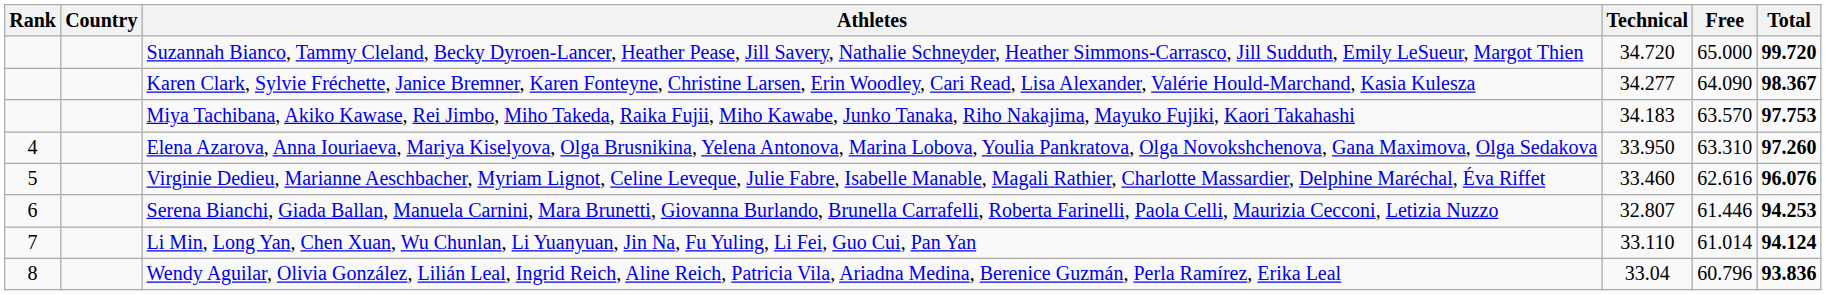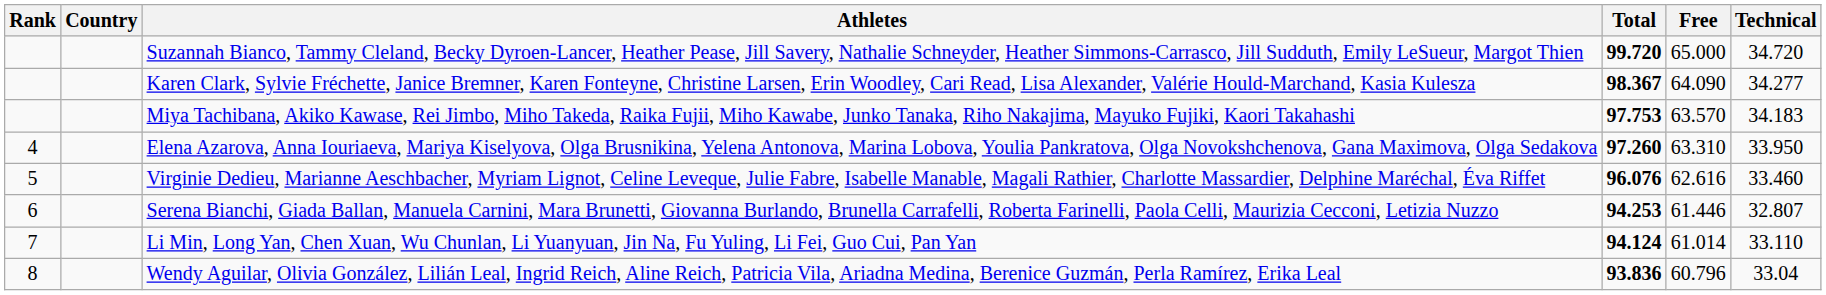 <table class="wikitable sortable" style="text-align:center">
 <tr>
 <th>Rank</th>
 <th>Country</th>
 <th>Athletes</th>
+<th>Total</th>
+<th>Free</th>
 <th>Technical</th>
-<th>Free</th>
-<th>Total</th>
 </tr>
 <tr>
 <td></td>
 <td align=left></td>
 <td align=left><a href='#'>Suzannah Bianco</a>, <a href='#'>Tammy Cleland</a>, <a href='#'>Becky Dyroen-Lancer</a>, <a href='#'>Heather Pease</a>, <a href='#'>Jill Savery</a>, <a href='#'>Nathalie Schneyder</a>, <a href='#'>Heather Simmons-Carrasco</a>, <a href='#'>Jill Sudduth</a>, <a href='#'>Emily LeSueur</a>, <a href='#'>Margot Thien</a></td>
+<td><strong>99.720</strong></td>
+<td>65.000</td>
 <td>34.720</td>
-<td>65.000</td>
-<td><strong>99.720</strong></td>
 </tr>
 <tr>
 <td></td>
 <td align=left></td>
 <td align=left><a href='#'>Karen Clark</a>, <a href='#'>Sylvie Fréchette</a>, <a href='#'>Janice Bremner</a>, <a href='#'>Karen Fonteyne</a>, <a href='#'>Christine Larsen</a>, <a href='#'>Erin Woodley</a>, <a href='#'>Cari Read</a>, <a href='#'>Lisa Alexander</a>, <a href='#'>Valérie Hould-Marchand</a>, <a href='#'>Kasia Kulesza</a></td>
+<td><strong>98.367</strong></td>
+<td>64.090</td>
 <td>34.277</td>
-<td>64.090</td>
-<td><strong>98.367</strong></td>
 </tr>
 <tr>
 <td></td>
 <td align=left></td>
 <td align=left><a href='#'>Miya Tachibana</a>, <a href='#'>Akiko Kawase</a>, <a href='#'>Rei Jimbo</a>, <a href='#'>Miho Takeda</a>, <a href='#'>Raika Fujii</a>, <a href='#'>Miho Kawabe</a>, <a href='#'>Junko Tanaka</a>, <a href='#'>Riho Nakajima</a>, <a href='#'>Mayuko Fujiki</a>, <a href='#'>Kaori Takahashi</a></td>
+<td><strong>97.753</strong></td>
+<td>63.570</td>
 <td>34.183</td>
-<td>63.570</td>
-<td><strong>97.753</strong></td>
 </tr>
 <tr>
 <td>4</td>
 <td align=left></td>
 <td align=left><a href='#'>Elena Azarova</a>, <a href='#'>Anna Iouriaeva</a>, <a href='#'>Mariya Kiselyova</a>, <a href='#'>Olga Brusnikina</a>, <a href='#'>Yelena Antonova</a>, <a href='#'>Marina Lobova</a>, <a href='#'>Youlia Pankratova</a>, <a href='#'>Olga Novokshchenova</a>, <a href='#'>Gana Maximova</a>, <a href='#'>Olga Sedakova</a></td>
+<td><strong>97.260</strong></td>
+<td>63.310</td>
 <td>33.950</td>
-<td>63.310</td>
-<td><strong>97.260</strong></td>
 </tr>
 <tr>
 <td>5</td>
 <td align=left></td>
 <td align=left><a href='#'>Virginie Dedieu</a>, <a href='#'>Marianne Aeschbacher</a>, <a href='#'>Myriam Lignot</a>, <a href='#'>Celine Leveque</a>, <a href='#'>Julie Fabre</a>, <a href='#'>Isabelle Manable</a>, <a href='#'>Magali Rathier</a>, <a href='#'>Charlotte Massardier</a>, <a href='#'>Delphine Maréchal</a>, <a href='#'>Éva Riffet</a></td>
+<td><strong>96.076</strong></td>
+<td>62.616</td>
 <td>33.460</td>
-<td>62.616</td>
-<td><strong>96.076</strong></td>
 </tr>
 <tr>
 <td>6</td>
 <td align=left></td>
 <td align=left><a href='#'>Serena Bianchi</a>, <a href='#'>Giada Ballan</a>, <a href='#'>Manuela Carnini</a>, <a href='#'>Mara Brunetti</a>, <a href='#'>Giovanna Burlando</a>, <a href='#'>Brunella Carrafelli</a>, <a href='#'>Roberta Farinelli</a>, <a href='#'>Paola Celli</a>, <a href='#'>Maurizia Cecconi</a>, <a href='#'>Letizia Nuzzo</a></td>
+<td><strong>94.253</strong></td>
+<td>61.446</td>
 <td>32.807</td>
-<td>61.446</td>
-<td><strong>94.253</strong></td>
 </tr>
 <tr>
 <td>7</td>
 <td align=left></td>
 <td align=left><a href='#'>Li Min</a>, <a href='#'>Long Yan</a>, <a href='#'>Chen Xuan</a>, <a href='#'>Wu Chunlan</a>, <a href='#'>Li Yuanyuan</a>, <a href='#'>Jin Na</a>, <a href='#'>Fu Yuling</a>, <a href='#'>Li Fei</a>, <a href='#'>Guo Cui</a>, <a href='#'>Pan Yan</a></td>
+<td><strong>94.124</strong></td>
+<td>61.014</td>
 <td>33.110</td>
-<td>61.014</td>
-<td><strong>94.124</strong></td>
 </tr>
 <tr>
 <td>8</td>
 <td align=left></td>
 <td align=left><a href='#'>Wendy Aguilar</a>, <a href='#'>Olivia González</a>, <a href='#'>Lilián Leal</a>, <a href='#'>Ingrid Reich</a>, <a href='#'>Aline Reich</a>, <a href='#'>Patricia Vila</a>, <a href='#'>Ariadna Medina</a>, <a href='#'>Berenice Guzmán</a>, <a href='#'>Perla Ramírez</a>, <a href='#'>Erika Leal</a></td>
+<td><strong>93.836</strong></td>
+<td>60.796</td>
 <td>33.04</td>
-<td>60.796</td>
-<td><strong>93.836</strong></td>
 </tr>
 </table>
